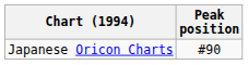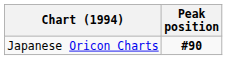 <table class="wikitable sortable">
 <tr>
 <th scope="col">Chart (1994)</th>
 <th scope="col">Peak <br>position</th>
 </tr>
 <tr>
 <td>Japanese <a href='#'>Oricon Charts</a></td>
-<td style="text-align:center;">#90</td>
+<td style="text-align:center;"><strong>#90</strong></td>
 </tr>
 </table>
